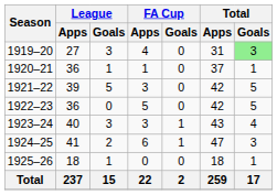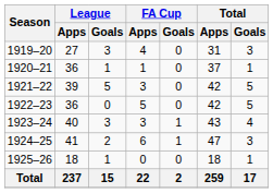 <table class="wikitable" style="text-align:center;">
 <tr>
 <th rowspan="2">Season</th>
 <th colspan="2"><a href='#'>League</a></th>
 <th colspan="2"><a href='#'>FA Cup</a></th>
 <th colspan="2">Total</th>
 </tr>
 <tr>
 <th>Apps</th>
 <th>Goals</th>
 <th>Apps</th>
 <th>Goals</th>
 <th>Apps</th>
 <th>Goals</th>
 </tr>
 <tr>
 <td>1919–20</td>
 <td>27</td>
 <td>3</td>
 <td>4</td>
 <td>0</td>
 <td>31</td>
-<td style="background: lightgreen;">3</td>
+<td>3</td>
 </tr>
 <tr>
 <td>1920–21</td>
 <td>36</td>
 <td>1</td>
 <td>1</td>
 <td>0</td>
 <td>37</td>
 <td>1</td>
 </tr>
 <tr>
 <td>1921–22</td>
 <td>39</td>
 <td>5</td>
 <td>3</td>
 <td>0</td>
 <td>42</td>
 <td>5</td>
 </tr>
 <tr>
 <td>1922–23</td>
 <td>36</td>
 <td>0</td>
 <td>5</td>
 <td>0</td>
 <td>42</td>
 <td>5</td>
 </tr>
 <tr>
 <td>1923–24</td>
 <td>40</td>
 <td>3</td>
 <td>3</td>
 <td>1</td>
 <td>43</td>
 <td>4</td>
 </tr>
 <tr>
 <td>1924–25</td>
 <td>41</td>
 <td>2</td>
 <td>6</td>
 <td>1</td>
 <td>47</td>
 <td>3</td>
 </tr>
 <tr>
 <td>1925–26</td>
 <td>18</td>
 <td>1</td>
 <td>0</td>
 <td>0</td>
 <td>18</td>
 <td>1</td>
 </tr>
 <tr>
 <th>Total</th>
 <th>237</th>
 <th>15</th>
 <th>22</th>
 <th>2</th>
 <th>259</th>
 <th>17</th>
 </tr>
 <tr>
 </tr>
 </table>
